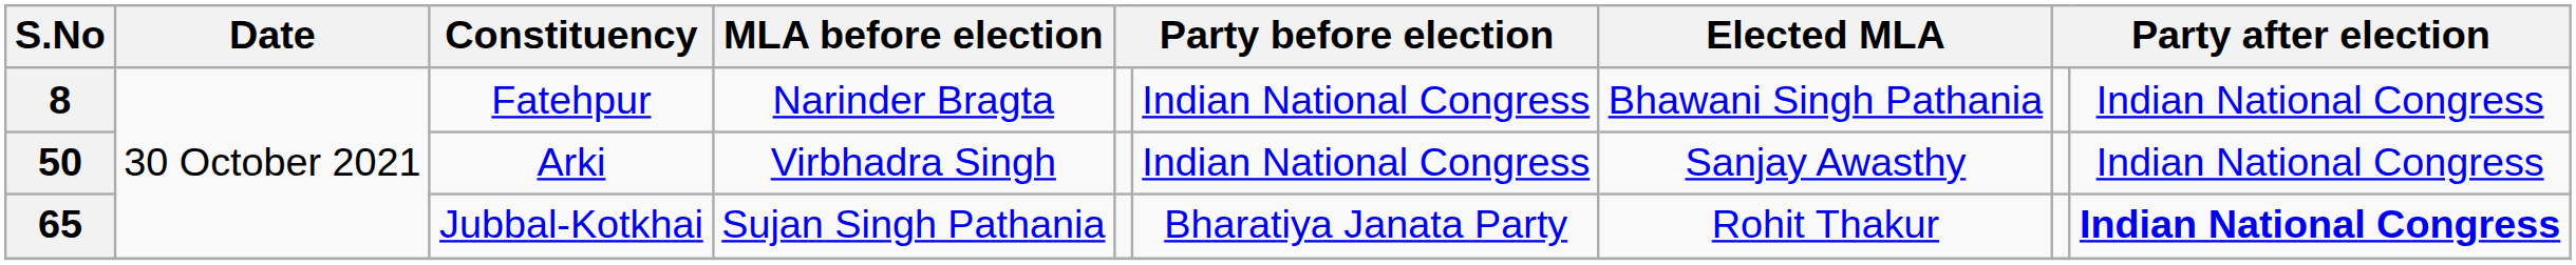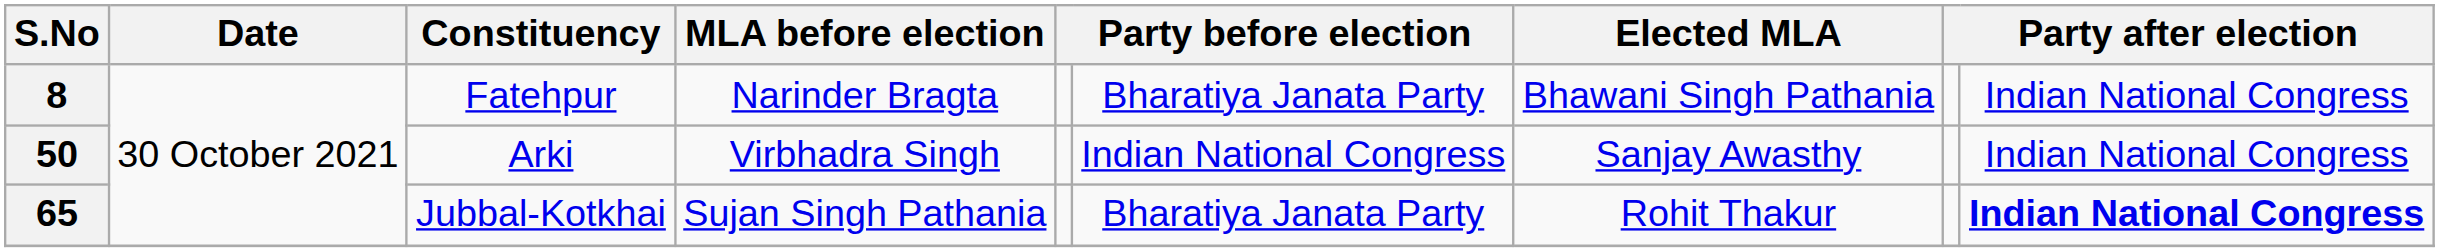 <table class="wikitable sortable" style="text-align:center;">
 <tr>
 <th>S.No</th>
 <th>Date</th>
 <th>Constituency</th>
 <th>MLA before election</th>
 <th colspan="2">Party before election</th>
 <th>Elected MLA</th>
 <th colspan="2">Party after election</th>
 </tr>
 <tr>
 <th>8</th>
 <td Rowspan=3>30 October 2021</td>
 <td><a href='#'>Fatehpur</a></td>
 <td><a href='#'>Narinder Bragta</a></td>
 <td></td>
-<td><a href='#'>Indian National Congress</a></td>
+<td><a href='#'>Bharatiya Janata Party</a></td>
 <td><a href='#'>Bhawani Singh Pathania</a></td>
 <td></td>
 <td><a href='#'>Indian National Congress</a></td>
 </tr>
 <tr>
 <th>50</th>
 <td><a href='#'>Arki</a></td>
 <td><a href='#'>Virbhadra Singh</a></td>
 <td></td>
 <td><a href='#'>Indian National Congress</a></td>
 <td><a href='#'>Sanjay Awasthy</a></td>
 <td></td>
 <td><a href='#'>Indian National Congress</a></td>
 </tr>
 <tr>
 <th>65</th>
 <td><a href='#'>Jubbal-Kotkhai</a></td>
 <td><a href='#'>Sujan Singh Pathania</a></td>
 <td></td>
 <td><a href='#'>Bharatiya Janata Party</a></td>
 <td><a href='#'>Rohit Thakur</a></td>
 <td></td>
 <td><strong><a href='#'>Indian National Congress</a></strong></td>
 </tr>
 <tr>
 </tr>
 </table>
